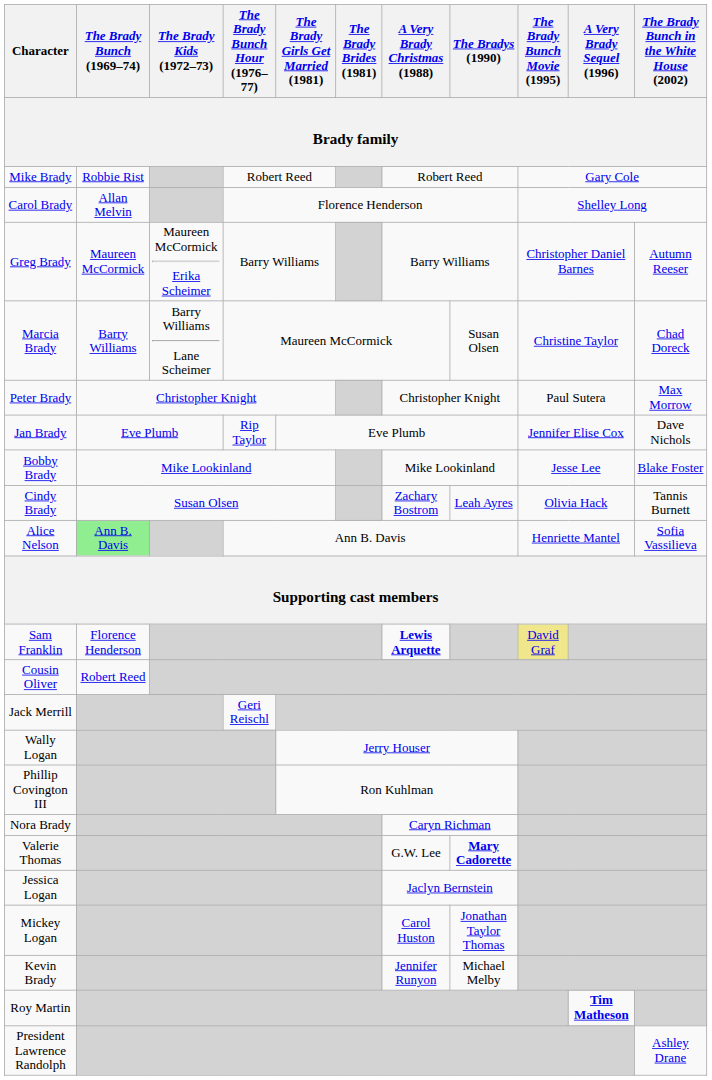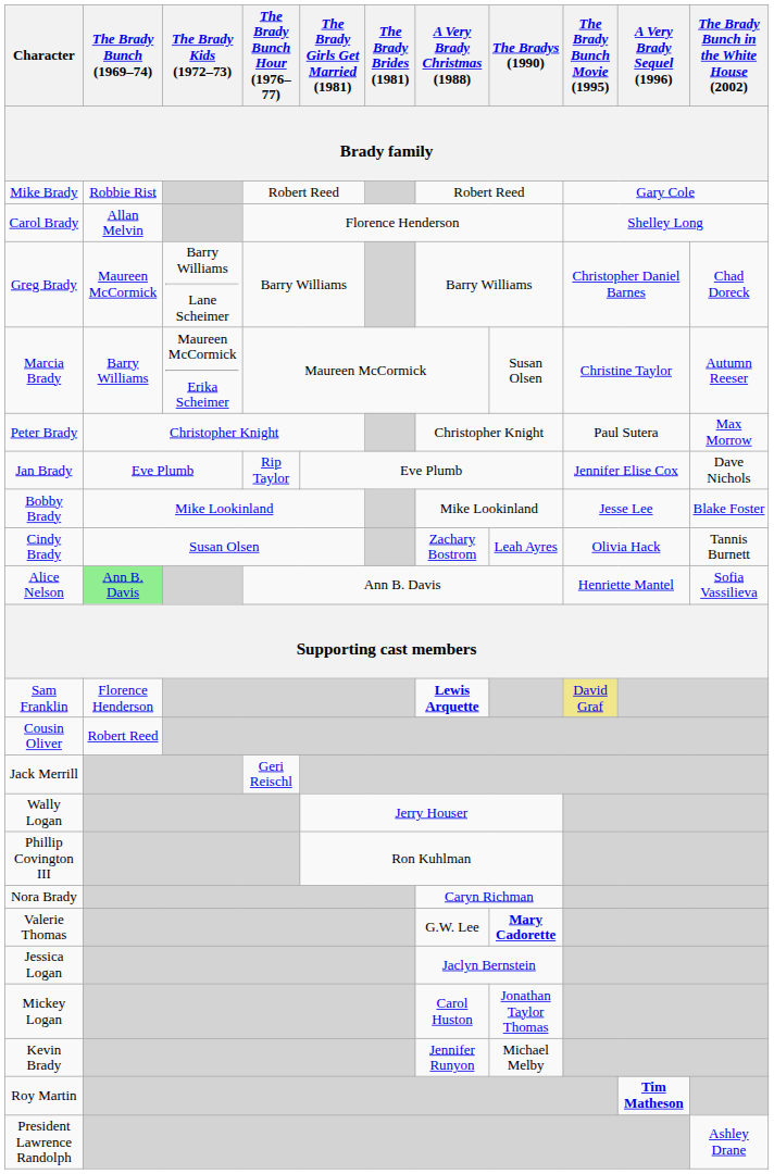 <table class="wikitable plainrowheaders" style="text-align:center;">
 <tr>
 <th>Character</th>
 <th><em><a href='#'>The Brady Bunch</a></em><br>(1969–74)</th>
 <th><em><a href='#'>The Brady Kids</a></em><br>(1972–73)</th>
 <th><em><a href='#'>The Brady Bunch Hour</a></em><br>(1976–77)</th>
 <th><em><a href='#'>The Brady Girls Get Married</a></em><br>(1981)</th>
 <th><em><a href='#'>The Brady Brides</a></em><br>(1981)</th>
 <th><em><a href='#'>A Very Brady Christmas</a></em><br>(1988)</th>
 <th><em><a href='#'>The Bradys</a></em><br>(1990)</th>
 <th><em><a href='#'>The Brady Bunch Movie</a></em><br>(1995)</th>
 <th><em><a href='#'>A Very Brady Sequel</a></em><br>(1996)</th>
 <th><em><a href='#'>The Brady Bunch in the White House</a></em><br>(2002)</th>
 </tr>
 <tr>
 <th colspan="11"><br><h3>Brady family</h3></th>
 </tr>
 <tr>
 <td><a href='#'>Mike Brady</a></td>
 <td colspan="1"><a href='#'>Robbie Rist</a></td>
 <td colspan="1" style="background:#d3d3d3;"></td>
 <td colspan="2">Robert Reed</td>
 <td colspan="1" style="background:#d3d3d3;"></td>
 <td colspan="2">Robert Reed</td>
 <td colspan="3"><a href='#'>Gary Cole</a></td>
 </tr>
 <tr>
 <td><a href='#'>Carol Brady</a></td>
 <td colspan="1"><a href='#'>Allan Melvin</a></td>
 <td colspan="1" style="background:#d3d3d3;"></td>
 <td colspan="5">Florence Henderson</td>
 <td colspan="3"><a href='#'>Shelley Long</a></td>
 </tr>
 <tr>
 <td><a href='#'>Greg Brady</a></td>
 <td colspan="1"><a href='#'>Maureen McCormick</a></td>
-<td colspan="1">Maureen McCormick<hr><a href='#'>Erika Scheimer</a></td>
+<td colspan="1">Barry Williams<hr>Lane Scheimer</td>
 <td colspan="2">Barry Williams</td>
 <td colspan="1" style="background:#d3d3d3;"></td>
 <td colspan="2">Barry Williams</td>
 <td colspan="2"><a href='#'>Christopher Daniel Barnes</a></td>
-<td colspan="1"><a href='#'>Autumn Reeser</a></td>
+<td colspan="1"><a href='#'>Chad Doreck</a></td>
 </tr>
 <tr>
 <td><a href='#'>Marcia Brady</a></td>
 <td colspan="1"><a href='#'>Barry Williams</a></td>
-<td colspan="1">Barry Williams<hr>Lane Scheimer</td>
+<td colspan="1">Maureen McCormick<hr><a href='#'>Erika Scheimer</a></td>
 <td colspan="4">Maureen McCormick</td>
 <td colspan="1">Susan Olsen</td>
 <td colspan="2"><a href='#'>Christine Taylor</a></td>
-<td colspan="1"><a href='#'>Chad Doreck</a></td>
+<td colspan="1"><a href='#'>Autumn Reeser</a></td>
 </tr>
 <tr>
 <td><a href='#'>Peter Brady</a></td>
 <td colspan="4"><a href='#'>Christopher Knight</a></td>
 <td colspan="1" style="background:#d3d3d3;"></td>
 <td colspan="2">Christopher Knight</td>
 <td colspan="2">Paul Sutera</td>
 <td colspan="1"><a href='#'>Max Morrow</a></td>
 </tr>
 <tr>
 <td><a href='#'>Jan Brady</a></td>
 <td colspan="2"><a href='#'>Eve Plumb</a></td>
 <td colspan="1"><a href='#'>Rip Taylor</a></td>
 <td colspan="4">Eve Plumb</td>
 <td colspan="2"><a href='#'>Jennifer Elise Cox</a></td>
 <td>Dave Nichols</td>
 </tr>
 <tr>
 <td><a href='#'>Bobby Brady</a></td>
 <td colspan="4"><a href='#'>Mike Lookinland</a></td>
 <td colspan="1" style="background:#d3d3d3;"></td>
 <td colspan="2">Mike Lookinland</td>
 <td colspan="2"><a href='#'>Jesse Lee</a></td>
 <td colspan="1"><a href='#'>Blake Foster</a></td>
 </tr>
 <tr>
 <td><a href='#'>Cindy Brady</a></td>
 <td colspan="4"><a href='#'>Susan Olsen</a></td>
 <td colspan="1" style="background:#d3d3d3;"></td>
 <td colspan="1"><a href='#'>Zachary Bostrom</a></td>
 <td colspan="1"><a href='#'>Leah Ayres</a></td>
 <td colspan="2"><a href='#'>Olivia Hack</a></td>
 <td colspan="1">Tannis Burnett</td>
 </tr>
 <tr>
 <td><a href='#'>Alice Nelson</a></td>
 <td colspan="1" style="background: lightgreen;"><a href='#'>Ann B. Davis</a></td>
 <td colspan="1" style="background:#d3d3d3;"></td>
 <td colspan="5">Ann B. Davis</td>
 <td colspan="2"><a href='#'>Henriette Mantel</a></td>
 <td colspan="1"><a href='#'>Sofia Vassilieva</a></td>
 </tr>
 <tr>
 <th colspan="11"><br><h3>Supporting cast members</h3></th>
 </tr>
 <tr>
 <td><a href='#'>Sam Franklin</a></td>
 <td colspan="1"><a href='#'>Florence Henderson</a></td>
 <td colspan="4" style="background:#d3d3d3;"></td>
 <td colspan="1"><strong><a href='#'>Lewis Arquette</a></strong></td>
 <td colspan="1" style="background:#d3d3d3;"></td>
 <td colspan="1" style="background: khaki;"><a href='#'>David Graf</a></td>
 <td colspan="2" style="background:#d3d3d3;"></td>
 </tr>
 <tr>
 <td><a href='#'>Cousin Oliver</a></td>
 <td colspan="1"><a href='#'>Robert Reed</a></td>
 <td colspan="9" style="background:#d3d3d3;"></td>
 </tr>
 <tr>
 <td>Jack Merrill</td>
 <td colspan="2" style="background:#d3d3d3;"></td>
 <td colspan="1"><a href='#'>Geri Reischl</a></td>
 <td colspan="7" style="background:#d3d3d3;"></td>
 </tr>
 <tr>
 <td>Wally Logan</td>
 <td colspan="3" style="background:#d3d3d3;"></td>
 <td colspan="4"><a href='#'>Jerry Houser</a></td>
 <td colspan="3" style="background:#d3d3d3;"></td>
 </tr>
 <tr>
 <td>Phillip Covington III</td>
 <td colspan="3" style="background:#d3d3d3;"></td>
 <td colspan="4">Ron Kuhlman</td>
 <td colspan="3" style="background:#d3d3d3;"></td>
 </tr>
 <tr>
 <td>Nora Brady</td>
 <td colspan="5" style="background:#d3d3d3;"></td>
 <td colspan="2"><a href='#'>Caryn Richman</a></td>
 <td colspan="3" style="background:#d3d3d3;"></td>
 </tr>
 <tr>
 <td>Valerie Thomas</td>
 <td colspan="5" style="background:#d3d3d3;"></td>
 <td colspan="1">G.W. Lee</td>
 <td colspan="1"><strong><a href='#'>Mary Cadorette</a></strong></td>
 <td colspan="3" style="background:#d3d3d3;"></td>
 </tr>
 <tr>
 <td>Jessica Logan</td>
 <td colspan="5" style="background:#d3d3d3;"></td>
 <td colspan="2"><a href='#'>Jaclyn Bernstein</a></td>
 <td colspan="3" style="background:#d3d3d3;"></td>
 </tr>
 <tr>
 <td>Mickey Logan</td>
 <td colspan="5" style="background:#d3d3d3;"></td>
 <td colspan="1"><a href='#'>Carol Huston</a></td>
 <td colspan="1"><a href='#'>Jonathan Taylor Thomas</a></td>
 <td colspan="3" style="background:#d3d3d3;"></td>
 </tr>
 <tr>
 <td>Kevin Brady</td>
 <td colspan="5" style="background:#d3d3d3;"></td>
 <td colspan="1"><a href='#'>Jennifer Runyon</a></td>
 <td colspan="1">Michael Melby</td>
 <td colspan="3" style="background:#d3d3d3;"></td>
 </tr>
 <tr>
 <td>Roy Martin</td>
 <td colspan="8" style="background:#d3d3d3;"></td>
 <td><strong><a href='#'>Tim Matheson</a></strong></td>
 <td colspan="1" style="background:#d3d3d3;"></td>
 </tr>
 <tr>
 <td>President Lawrence Randolph</td>
 <td colspan="9" style="background:#d3d3d3;"></td>
 <td colspan="1"><a href='#'>Ashley Drane</a></td>
 </tr>
 </table>
